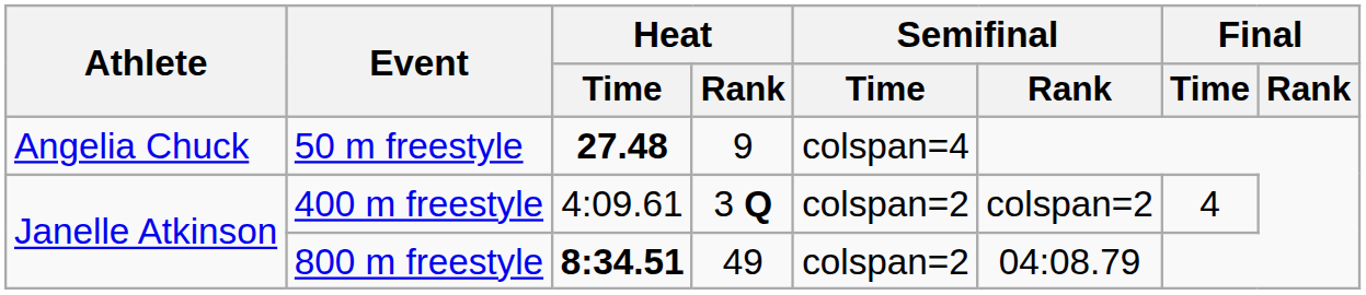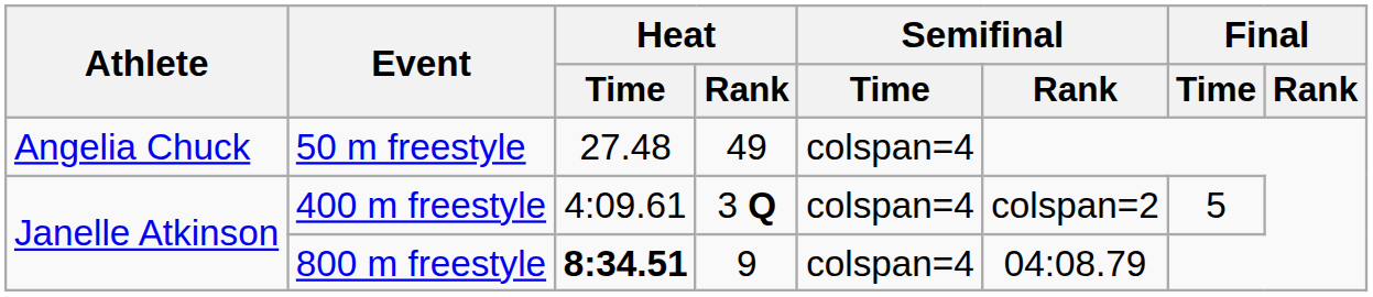 <table class=wikitable style=font-size:90%;text-align:center>
 <tr>
 <th rowspan=2>Athlete</th>
 <th rowspan=2>Event</th>
 <th colspan=2>Heat</th>
 <th colspan=2>Semifinal</th>
 <th colspan=2>Final</th>
 </tr>
 <tr style=font-size:95%>
 <th>Time</th>
 <th>Rank</th>
 <th>Time</th>
 <th>Rank</th>
 <th>Time</th>
 <th>Rank</th>
 </tr>
 <tr>
 <td align=left><a href='#'>Angelia Chuck</a></td>
 <td align=left><a href='#'>50 m freestyle</a></td>
-<td><strong>27.48</strong></td>
-<td>9</td>
+<td>27.48</td>
+<td>49</td>
 <td>colspan=4 </td>
 </tr>
 <tr>
 <td align=left rowspan=2><a href='#'>Janelle Atkinson</a></td>
 <td align=left><a href='#'>400 m freestyle</a></td>
 <td>4:09.61</td>
 <td>3 <strong>Q</strong></td>
+<td>colspan=4 </td>
 <td>colspan=2 </td>
-<td>colspan=2 </td>
-<td>4</td>
+<td>5</td>
 </tr>
 <tr>
 <td align=left><a href='#'>800 m freestyle</a></td>
 <td><strong>8:34.51</strong></td>
-<td>49</td>
-<td>colspan=2 </td>
+<td>9</td>
+<td>colspan=4 </td>
 <td>04:08.79</td>
 </tr>
 </table>
